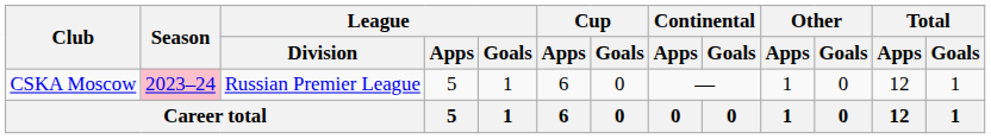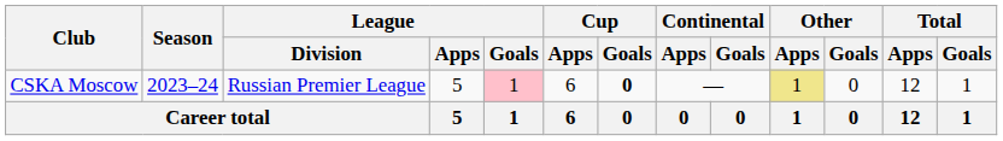 <table class="wikitable" style="text-align:center">
 <tr>
 <th rowspan="2">Club</th>
 <th rowspan="2">Season</th>
 <th colspan="3">League</th>
 <th colspan="2">Cup</th>
 <th colspan="2">Continental</th>
 <th colspan="2">Other</th>
 <th colspan="2">Total</th>
 </tr>
 <tr>
 <th>Division</th>
 <th>Apps</th>
 <th>Goals</th>
 <th>Apps</th>
 <th>Goals</th>
 <th>Apps</th>
 <th>Goals</th>
 <th>Apps</th>
 <th>Goals</th>
 <th>Apps</th>
 <th>Goals</th>
 </tr>
 <tr>
 <td rowspan="1"><a href='#'>CSKA Moscow</a></td>
-<td style="background: pink;"><a href='#'>2023–24</a></td>
+<td><a href='#'>2023–24</a></td>
 <td><a href='#'>Russian Premier League</a></td>
 <td>5</td>
-<td>1</td>
+<td style="background: pink;">1</td>
 <td>6</td>
-<td>0</td>
+<td><strong>0</strong></td>
 <td colspan="2">—</td>
-<td>1</td>
+<td style="background: khaki;">1</td>
 <td>0</td>
 <td>12</td>
 <td>1</td>
 </tr>
 <tr>
 <th colspan="3">Career total</th>
 <th>5</th>
 <th>1</th>
 <th>6</th>
 <th>0</th>
 <th>0</th>
 <th>0</th>
 <th>1</th>
 <th>0</th>
 <th>12</th>
 <th>1</th>
 </tr>
 </table>
